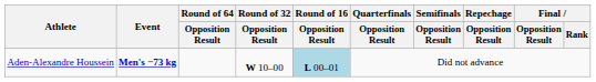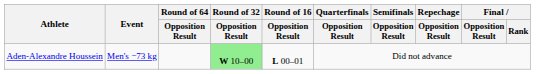 <table class="wikitable" style="font-size:90%">
 <tr>
 <th rowspan="2">Athlete</th>
 <th rowspan="2">Event</th>
 <th>Round of 64</th>
 <th>Round of 32</th>
 <th>Round of 16</th>
 <th>Quarterfinals</th>
 <th>Semifinals</th>
 <th>Repechage</th>
 <th colspan=2>Final / </th>
 </tr>
 <tr style="font-size:95%">
 <th>Opposition<br>Result</th>
 <th>Opposition<br>Result</th>
 <th>Opposition<br>Result</th>
 <th>Opposition<br>Result</th>
 <th>Opposition<br>Result</th>
 <th>Opposition<br>Result</th>
 <th>Opposition<br>Result</th>
 <th>Rank</th>
 </tr>
 <tr align=center>
 <td align=left><a href='#'>Aden-Alexandre Houssein</a></td>
-<td align=left><strong><a href='#'>Men's −73 kg</a></strong></td>
+<td align=left><a href='#'>Men's −73 kg</a></td>
 <td></td>
-<td><br><strong>W</strong> 10–00</td>
-<td style="background: lightblue;"><br><strong>L</strong> 00–01</td>
+<td style="background: lightgreen;"><br><strong>W</strong> 10–00</td>
+<td><br><strong>L</strong> 00–01</td>
 <td colspan=5>Did not advance</td>
 </tr>
 </table>
